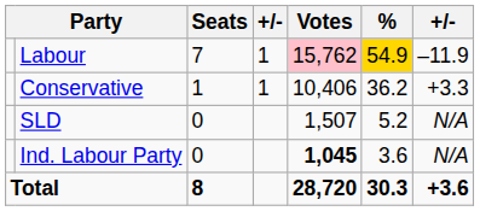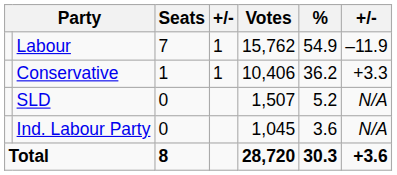 <table class="wikitable sortable">
 <tr>
 <th colspan="2">Party</th>
 <th>Seats</th>
 <th>+/-</th>
 <th>Votes</th>
 <th>%</th>
 <th>+/-</th>
 </tr>
 <tr>
 <td style="background-color: "></td>
 <td><a href='#'>Labour</a></td>
 <td>7</td>
 <td> 1</td>
-<td style="background: pink; text-align:right;">15,762</td>
-<td style="background: gold; text-align:right;">54.9</td>
+<td style="text-align:right;">15,762</td>
+<td style="text-align:right;">54.9</td>
 <td style="text-align:right;">–11.9</td>
 </tr>
 <tr>
 <td style="background-color: "></td>
 <td><a href='#'>Conservative</a></td>
 <td>1</td>
 <td> 1</td>
 <td style="text-align:right;">10,406</td>
 <td style="text-align:right;">36.2</td>
 <td style="text-align:right;">+3.3</td>
 </tr>
 <tr>
 <td style="background-color: "></td>
 <td><a href='#'>SLD</a></td>
 <td>0</td>
 <td></td>
 <td style="text-align:right;">1,507</td>
 <td style="text-align:right;">5.2</td>
 <td style="text-align:right;"><em>N/A</em></td>
 </tr>
 <tr>
 <td style="background-color: "></td>
 <td><a href='#'>Ind. Labour Party</a></td>
 <td>0</td>
 <td></td>
-<td style="text-align:right;"><strong>1,045</strong></td>
+<td style="text-align:right;">1,045</td>
 <td style="text-align:right;">3.6</td>
 <td style="text-align:right;"><em>N/A</em></td>
 </tr>
 <tr>
 <td colspan="2"><strong>Total</strong></td>
 <td><strong>8</strong></td>
 <td></td>
 <td style="text-align:right;"><strong>28,720</strong></td>
 <td style="text-align:right;"><strong>30.3</strong></td>
 <td style="text-align:right;"><strong>+3.6</strong></td>
 </tr>
 </table>
